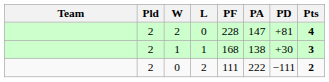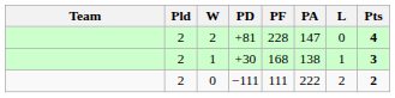 <table class=wikitable style="text-align:center">
 <tr>
 <th width=180>Team</th>
 <th width=30>Pld</th>
 <th width=30>W</th>
-<th width=30>L</th>
+<th width=30>PD</th>
 <th width=30>PF</th>
 <th width=30>PA</th>
-<th width=30>PD</th>
+<th width=30>L</th>
 <th width=30>Pts</th>
 </tr>
 <tr align=center bgcolor="#ccffcc">
 <td align=left></td>
 <td>2</td>
 <td>2</td>
-<td>0</td>
+<td>+81</td>
 <td>228</td>
 <td>147</td>
-<td>+81</td>
+<td>0</td>
 <td><strong>4</strong></td>
 </tr>
 <tr align=center bgcolor="#ccffcc">
 <td align=left></td>
 <td>2</td>
 <td>1</td>
-<td>1</td>
+<td>+30</td>
 <td>168</td>
 <td>138</td>
-<td>+30</td>
+<td>1</td>
 <td><strong>3</strong></td>
 </tr>
 <tr align=center>
 <td align=left></td>
 <td>2</td>
 <td>0</td>
-<td>2</td>
+<td>−111</td>
 <td>111</td>
 <td>222</td>
-<td>−111</td>
+<td>2</td>
 <td><strong>2</strong></td>
 </tr>
 </table>
